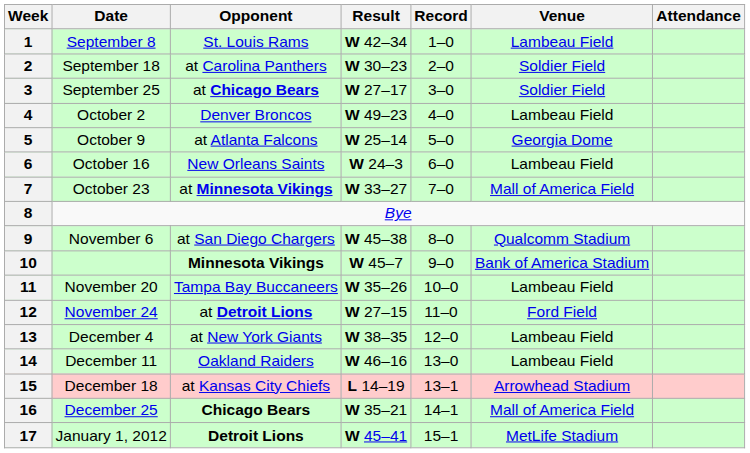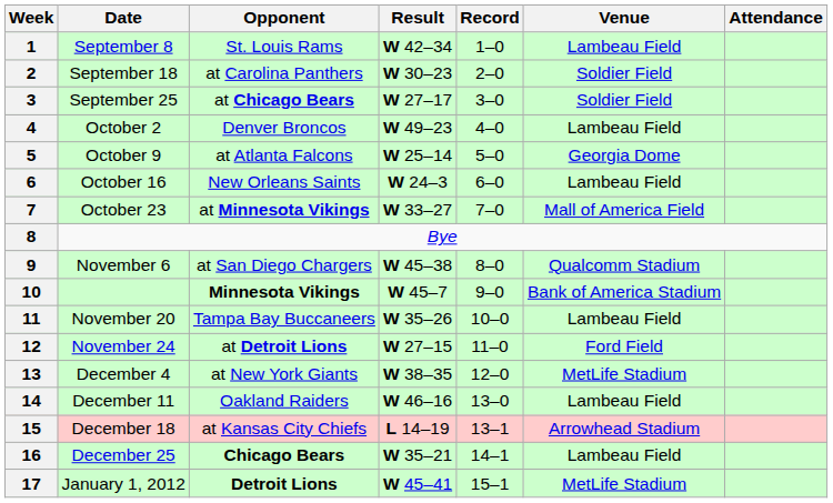 <table class="wikitable" style="align=center">
 <tr>
 <th>Week</th>
 <th>Date</th>
 <th>Opponent</th>
 <th>Result</th>
 <th>Record</th>
 <th>Venue</th>
 <th>Attendance</th>
 </tr>
 <tr style="background:#cfc">
 <th>1</th>
 <td style="text-align:center;"><a href='#'>September 8</a></td>
 <td style="text-align:center;"><a href='#'>St. Louis Rams</a></td>
 <td style="text-align:center;"><strong>W</strong> 42–34</td>
 <td style="text-align:center;">1–0</td>
 <td style="text-align:center;"><a href='#'>Lambeau Field</a></td>
 <td style="text-align:center;"></td>
 </tr>
 <tr style="background:#cfc">
 <th>2</th>
 <td style="text-align:center;">September 18</td>
 <td style="text-align:center;">at <a href='#'>Carolina Panthers</a></td>
 <td style="text-align:center;"><strong>W</strong> 30–23</td>
 <td style="text-align:center;">2–0</td>
 <td style="text-align:center;"><a href='#'>Soldier Field</a></td>
 <td style="text-align:center;"></td>
 </tr>
 <tr style="background:#cfc">
 <th>3</th>
 <td style="text-align:center;">September 25</td>
 <td style="text-align:center;">at <strong><a href='#'>Chicago Bears</a></strong></td>
 <td style="text-align:center;"><strong>W</strong> 27–17</td>
 <td style="text-align:center;">3–0</td>
 <td style="text-align:center;"><a href='#'>Soldier Field</a></td>
 <td style="text-align:center;"></td>
 </tr>
 <tr style="background:#cfc">
 <th>4</th>
 <td style="text-align:center;">October 2</td>
 <td style="text-align:center;"><a href='#'>Denver Broncos</a></td>
 <td style="text-align:center;"><strong>W</strong> 49–23</td>
 <td style="text-align:center;">4–0</td>
 <td style="text-align:center;">Lambeau Field</td>
 <td style="text-align:center;"></td>
 </tr>
 <tr style="background:#cfc">
 <th>5</th>
 <td style="text-align:center;">October 9</td>
 <td style="text-align:center;">at <a href='#'>Atlanta Falcons</a></td>
 <td style="text-align:center;"><strong>W</strong> 25–14</td>
 <td style="text-align:center;">5–0</td>
 <td style="text-align:center;"><a href='#'>Georgia Dome</a></td>
 <td style="text-align:center;"></td>
 </tr>
 <tr style="background:#cfc">
 <th>6</th>
 <td style="text-align:center;">October 16</td>
 <td style="text-align:center;"><a href='#'>New Orleans Saints</a></td>
 <td style="text-align:center;"><strong>W</strong> 24–3</td>
 <td style="text-align:center;">6–0</td>
 <td style="text-align:center;">Lambeau Field</td>
 <td style="text-align:center;"></td>
 </tr>
 <tr style="background:#cfc">
 <th>7</th>
 <td style="text-align:center;">October 23</td>
 <td style="text-align:center;">at <strong><a href='#'>Minnesota Vikings</a></strong></td>
 <td style="text-align:center;"><strong>W</strong> 33–27</td>
 <td style="text-align:center;">7–0</td>
 <td style="text-align:center;"><a href='#'>Mall of America Field</a></td>
 <td style="text-align:center;"></td>
 </tr>
 <tr>
 <th>8</th>
 <td style="text-align:center;" colspan="6"><em><a href='#'>Bye</a></em></td>
 </tr>
 <tr style="background:#cfc">
 <th>9</th>
 <td style="text-align:center;">November 6</td>
 <td style="text-align:center;">at <a href='#'>San Diego Chargers</a></td>
 <td style="text-align:center;"><strong>W</strong> 45–38</td>
 <td style="text-align:center;">8–0</td>
 <td style="text-align:center;"><a href='#'>Qualcomm Stadium</a></td>
 <td style="text-align:center;"></td>
 </tr>
 <tr style="background:#cfc">
 <th>10</th>
 <td style="text-align:center;"></td>
 <td style="text-align:center;"><strong>Minnesota Vikings</strong></td>
 <td style="text-align:center;"><strong>W</strong> 45–7</td>
 <td style="text-align:center;">9–0</td>
 <td style="text-align:center;"><a href='#'>Bank of America Stadium</a></td>
 <td style="text-align:center;"></td>
 </tr>
 <tr style="background:#cfc">
 <th>11</th>
 <td style="text-align:center;">November 20</td>
 <td style="text-align:center;"><a href='#'>Tampa Bay Buccaneers</a></td>
 <td style="text-align:center;"><strong>W</strong> 35–26</td>
 <td style="text-align:center;">10–0</td>
 <td style="text-align:center;">Lambeau Field</td>
 <td style="text-align:center;"></td>
 </tr>
 <tr style="background:#cfc">
 <th>12</th>
 <td style="text-align:center;"><a href='#'>November 24</a></td>
 <td style="text-align:center;">at <strong><a href='#'>Detroit Lions</a></strong></td>
 <td style="text-align:center;"><strong>W</strong> 27–15</td>
 <td style="text-align:center;">11–0</td>
 <td style="text-align:center;"><a href='#'>Ford Field</a></td>
 <td style="text-align:center;"></td>
 </tr>
 <tr style="background:#cfc">
 <th>13</th>
 <td style="text-align:center;">December 4</td>
 <td style="text-align:center;">at <a href='#'>New York Giants</a></td>
 <td style="text-align:center;"><strong>W</strong> 38–35</td>
 <td style="text-align:center;">12–0</td>
-<td style="text-align:center;">Lambeau Field</td>
+<td style="text-align:center;"><a href='#'>MetLife Stadium</a></td>
 <td style="text-align:center;"></td>
 </tr>
 <tr style="background:#cfc">
 <th>14</th>
 <td style="text-align:center;">December 11</td>
 <td style="text-align:center;"><a href='#'>Oakland Raiders</a></td>
 <td style="text-align:center;"><strong>W</strong> 46–16</td>
 <td style="text-align:center;">13–0</td>
 <td style="text-align:center;">Lambeau Field</td>
 <td style="text-align:center;"></td>
 </tr>
 <tr style="background:#fcc">
 <th>15</th>
 <td style="text-align:center;">December 18</td>
 <td style="text-align:center;">at <a href='#'>Kansas City Chiefs</a></td>
 <td style="text-align:center;"><strong>L</strong> 14–19</td>
 <td style="text-align:center;">13–1</td>
 <td style="text-align:center;"><a href='#'>Arrowhead Stadium</a></td>
 <td style="text-align:center;"></td>
 </tr>
 <tr style="background:#cfc">
 <th>16</th>
 <td style="text-align:center;"><a href='#'>December 25</a></td>
 <td style="text-align:center;"><strong>Chicago Bears</strong></td>
 <td style="text-align:center;"><strong>W</strong> 35–21</td>
 <td style="text-align:center;">14–1</td>
-<td style="text-align:center;"><a href='#'>Mall of America Field</a></td>
+<td style="text-align:center;">Lambeau Field</td>
 <td style="text-align:center;"></td>
 </tr>
 <tr style="background:#cfc">
 <th>17</th>
 <td style="text-align:center;">January 1, 2012</td>
 <td style="text-align:center;"><strong>Detroit Lions</strong></td>
 <td style="text-align:center;"><strong>W</strong> <a href='#'>45–41</a></td>
 <td style="text-align:center;">15–1</td>
 <td style="text-align:center;"><a href='#'>MetLife Stadium</a></td>
 <td style="text-align:center;"></td>
 </tr>
 </table>
